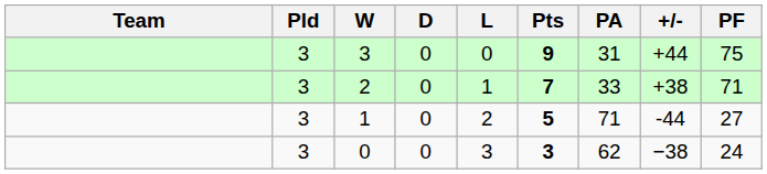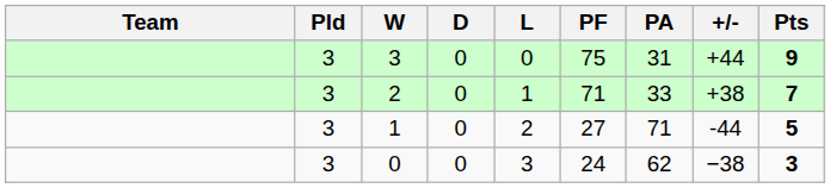 <table class="wikitable" style="text-align: center;">
 <tr>
 <th width="200">Team</th>
 <th width="40">Pld</th>
 <th width="40">W</th>
 <th width="40">D</th>
 <th width="40">L</th>
-<th width="40">Pts</th>
+<th width="40">PF</th>
 <th width="40">PA</th>
 <th width="40">+/-</th>
-<th width="40">PF</th>
+<th width="40">Pts</th>
 </tr>
 <tr bgcolor=ccffcc>
 <td align=left></td>
 <td>3</td>
 <td>3</td>
 <td>0</td>
 <td>0</td>
-<td><strong>9</strong></td>
+<td>75</td>
 <td>31</td>
 <td>+44</td>
-<td>75</td>
+<td><strong>9</strong></td>
 </tr>
 <tr bgcolor=ccffcc>
 <td align=left></td>
 <td>3</td>
 <td>2</td>
 <td>0</td>
 <td>1</td>
-<td><strong>7</strong></td>
+<td>71</td>
 <td>33</td>
 <td>+38</td>
-<td>71</td>
+<td><strong>7</strong></td>
 </tr>
 <tr>
 <td align=left></td>
 <td>3</td>
 <td>1</td>
 <td>0</td>
 <td>2</td>
-<td><strong>5</strong></td>
+<td>27</td>
 <td>71</td>
 <td>-44</td>
-<td>27</td>
+<td><strong>5</strong></td>
 </tr>
 <tr>
 <td align=left></td>
 <td>3</td>
 <td>0</td>
 <td>0</td>
 <td>3</td>
-<td><strong>3</strong></td>
+<td>24</td>
 <td>62</td>
 <td>−38</td>
-<td>24</td>
+<td><strong>3</strong></td>
 </tr>
 </table>
